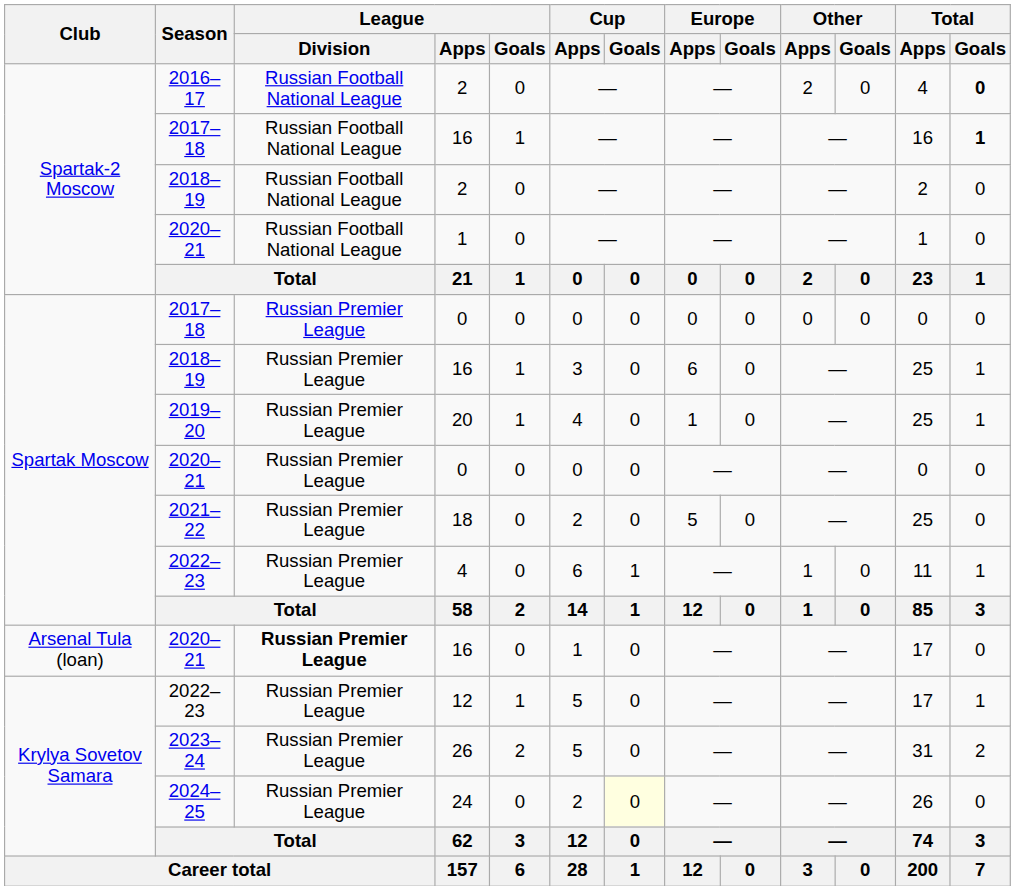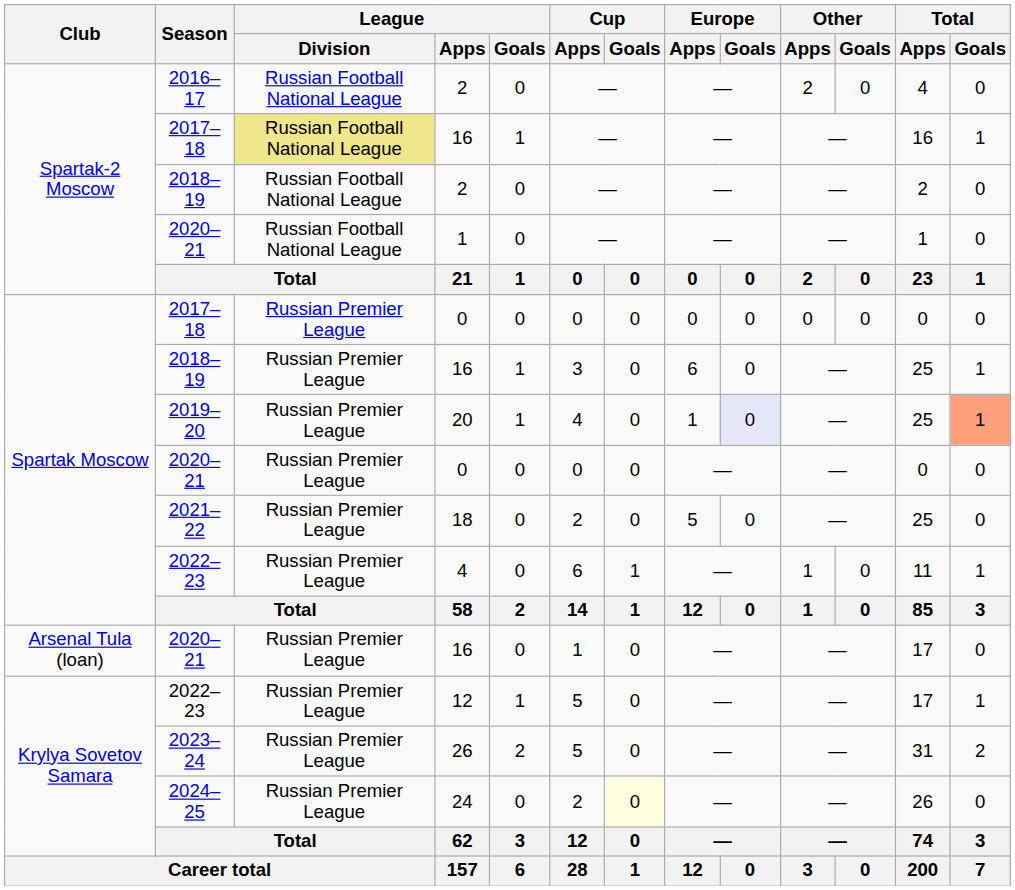 <table class="wikitable" style="text-align: center;">
 <tr>
 <th rowspan="2">Club</th>
 <th rowspan="2">Season</th>
 <th colspan="3">League</th>
 <th colspan="2">Cup</th>
 <th colspan="2">Europe</th>
 <th colspan="2">Other</th>
 <th colspan="2">Total</th>
 </tr>
 <tr>
 <th>Division</th>
 <th>Apps</th>
 <th>Goals</th>
 <th>Apps</th>
 <th>Goals</th>
 <th>Apps</th>
 <th>Goals</th>
 <th>Apps</th>
 <th>Goals</th>
 <th>Apps</th>
 <th>Goals</th>
 </tr>
 <tr>
 <td rowspan="5"><a href='#'>Spartak-2 Moscow</a></td>
 <td><a href='#'>2016–17</a></td>
 <td><a href='#'>Russian Football National League</a></td>
 <td>2</td>
 <td>0</td>
 <td colspan="2">—</td>
 <td colspan="2">—</td>
 <td>2</td>
 <td>0</td>
 <td>4</td>
-<td><strong>0</strong></td>
+<td>0</td>
 </tr>
 <tr>
 <td><a href='#'>2017–18</a></td>
-<td>Russian Football National League</td>
+<td style="background: khaki;">Russian Football National League</td>
 <td>16</td>
 <td>1</td>
 <td colspan="2">—</td>
 <td colspan="2">—</td>
 <td colspan="2">—</td>
 <td>16</td>
-<td><strong>1</strong></td>
+<td>1</td>
 </tr>
 <tr>
 <td><a href='#'>2018–19</a></td>
 <td>Russian Football National League</td>
 <td>2</td>
 <td>0</td>
 <td colspan="2">—</td>
 <td colspan="2">—</td>
 <td colspan="2">—</td>
 <td>2</td>
 <td>0</td>
 </tr>
 <tr>
 <td><a href='#'>2020–21</a></td>
 <td>Russian Football National League</td>
 <td>1</td>
 <td>0</td>
 <td colspan="2">—</td>
 <td colspan="2">—</td>
 <td colspan="2">—</td>
 <td>1</td>
 <td>0</td>
 </tr>
 <tr>
 <th colspan=2>Total</th>
 <th>21</th>
 <th>1</th>
 <th>0</th>
 <th>0</th>
 <th>0</th>
 <th>0</th>
 <th>2</th>
 <th>0</th>
 <th>23</th>
 <th>1</th>
 </tr>
 <tr>
 <td rowspan="7"><a href='#'>Spartak Moscow</a></td>
 <td><a href='#'>2017–18</a></td>
 <td><a href='#'>Russian Premier League</a></td>
 <td>0</td>
 <td>0</td>
 <td>0</td>
 <td>0</td>
 <td>0</td>
 <td>0</td>
 <td>0</td>
 <td>0</td>
 <td>0</td>
 <td>0</td>
 </tr>
 <tr>
 <td><a href='#'>2018–19</a></td>
 <td>Russian Premier League</td>
 <td>16</td>
 <td>1</td>
 <td>3</td>
 <td>0</td>
 <td>6</td>
 <td>0</td>
 <td colspan="2">—</td>
 <td>25</td>
 <td>1</td>
 </tr>
 <tr>
 <td><a href='#'>2019–20</a></td>
 <td>Russian Premier League</td>
 <td>20</td>
 <td>1</td>
 <td>4</td>
 <td>0</td>
 <td>1</td>
-<td>0</td>
+<td style="background: lavender;">0</td>
 <td colspan="2">—</td>
 <td>25</td>
-<td>1</td>
+<td style="background: lightsalmon;">1</td>
 </tr>
 <tr>
 <td><a href='#'>2020–21</a></td>
 <td>Russian Premier League</td>
 <td>0</td>
 <td>0</td>
 <td>0</td>
 <td>0</td>
 <td colspan="2">—</td>
 <td colspan="2">—</td>
 <td>0</td>
 <td>0</td>
 </tr>
 <tr>
 <td><a href='#'>2021–22</a></td>
 <td>Russian Premier League</td>
 <td>18</td>
 <td>0</td>
 <td>2</td>
 <td>0</td>
 <td>5</td>
 <td>0</td>
 <td colspan="2">—</td>
 <td>25</td>
 <td>0</td>
 </tr>
 <tr>
 <td><a href='#'>2022–23</a></td>
 <td>Russian Premier League</td>
 <td>4</td>
 <td>0</td>
 <td>6</td>
 <td>1</td>
 <td colspan="2">—</td>
 <td>1</td>
 <td>0</td>
 <td>11</td>
 <td>1</td>
 </tr>
 <tr>
 <th colspan=2>Total</th>
 <th>58</th>
 <th>2</th>
 <th>14</th>
 <th>1</th>
 <th>12</th>
 <th>0</th>
 <th>1</th>
 <th>0</th>
 <th>85</th>
 <th>3</th>
 </tr>
 <tr>
 <td><a href='#'>Arsenal Tula</a> (loan)</td>
 <td><a href='#'>2020–21</a></td>
-<td><strong>Russian Premier League</strong></td>
+<td>Russian Premier League</td>
 <td>16</td>
 <td>0</td>
 <td>1</td>
 <td>0</td>
 <td colspan="2">—</td>
 <td colspan="2">—</td>
 <td>17</td>
 <td>0</td>
 </tr>
 <tr>
 <td rowspan="4"><a href='#'>Krylya Sovetov Samara</a></td>
 <td>2022–23</td>
 <td>Russian Premier League</td>
 <td>12</td>
 <td>1</td>
 <td>5</td>
 <td>0</td>
 <td colspan="2">—</td>
 <td colspan="2">—</td>
 <td>17</td>
 <td>1</td>
 </tr>
 <tr>
 <td><a href='#'>2023–24</a></td>
 <td>Russian Premier League</td>
 <td>26</td>
 <td>2</td>
 <td>5</td>
 <td>0</td>
 <td colspan="2">—</td>
 <td colspan="2">—</td>
 <td>31</td>
 <td>2</td>
 </tr>
 <tr>
 <td><a href='#'>2024–25</a></td>
 <td>Russian Premier League</td>
 <td>24</td>
 <td>0</td>
 <td>2</td>
 <td style="background: lightyellow;">0</td>
 <td colspan="2">—</td>
 <td colspan="2">—</td>
 <td>26</td>
 <td>0</td>
 </tr>
 <tr>
 <th colspan="2">Total</th>
 <th>62</th>
 <th>3</th>
 <th>12</th>
 <th>0</th>
 <th colspan="2">—</th>
 <th colspan="2">—</th>
 <th>74</th>
 <th>3</th>
 </tr>
 <tr>
 <th colspan="3">Career total</th>
 <th>157</th>
 <th>6</th>
 <th>28</th>
 <th>1</th>
 <th>12</th>
 <th>0</th>
 <th>3</th>
 <th>0</th>
 <th>200</th>
 <th>7</th>
 </tr>
 </table>
